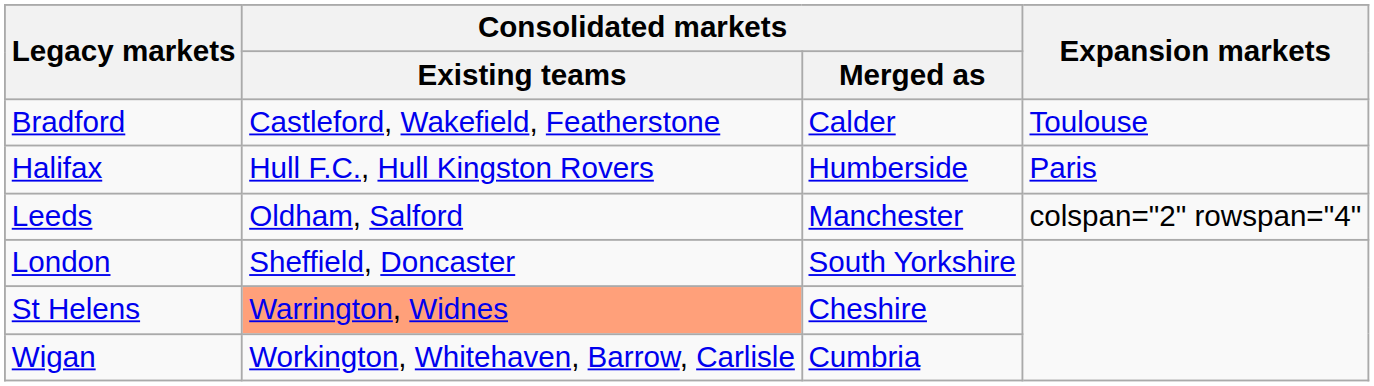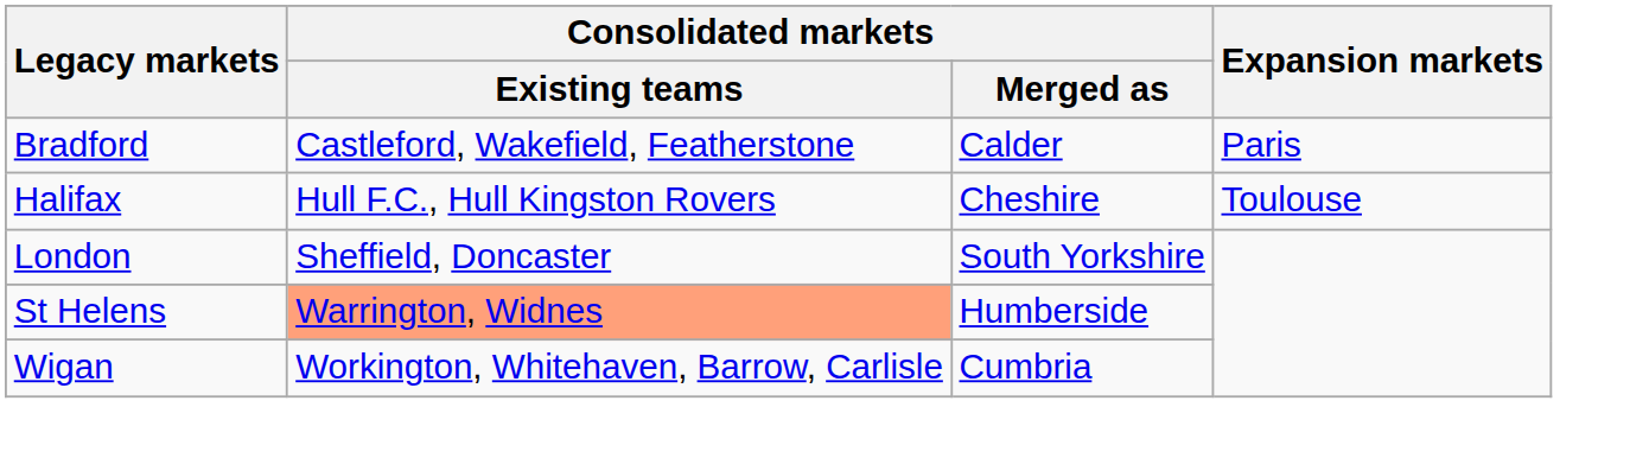 <table class="wikitable sortable collapsible">
 <tr>
 <th rowspan="2">Legacy markets</th>
 <th colspan="2">Consolidated markets</th>
 <th rowspan="2">Expansion markets</th>
 </tr>
 <tr>
 <th>Existing teams</th>
 <th>Merged as</th>
 </tr>
 <tr>
 <td><a href='#'>Bradford</a></td>
 <td><a href='#'>Castleford</a>, <a href='#'>Wakefield</a>, <a href='#'>Featherstone</a></td>
 <td><a href='#'>Calder</a></td>
-<td><a href='#'>Toulouse</a></td>
+<td><a href='#'>Paris</a></td>
 </tr>
 <tr>
 <td><a href='#'>Halifax</a></td>
 <td><a href='#'>Hull F.C.</a>, <a href='#'>Hull Kingston Rovers</a></td>
-<td><a href='#'>Humberside</a></td>
-<td><a href='#'>Paris</a></td>
-</tr>
-<tr>
-<td><a href='#'>Leeds</a></td>
-<td><a href='#'>Oldham</a>, <a href='#'>Salford</a></td>
-<td><a href='#'>Manchester</a></td>
-<td>colspan="2" rowspan="4" </td>
+<td><a href='#'>Cheshire</a></td>
+<td><a href='#'>Toulouse</a></td>
 </tr>
 <tr>
 <td><a href='#'>London</a></td>
 <td><a href='#'>Sheffield</a>, <a href='#'>Doncaster</a></td>
 <td><a href='#'>South Yorkshire</a></td>
 </tr>
 <tr>
 <td><a href='#'>St Helens</a></td>
 <td style="background: lightsalmon;"><a href='#'>Warrington</a>, <a href='#'>Widnes</a></td>
-<td><a href='#'>Cheshire</a></td>
+<td><a href='#'>Humberside</a></td>
 </tr>
 <tr>
 <td><a href='#'>Wigan</a></td>
 <td><a href='#'>Workington</a>, <a href='#'>Whitehaven</a>, <a href='#'>Barrow</a>, <a href='#'>Carlisle</a></td>
 <td><a href='#'>Cumbria</a></td>
 </tr>
 </table>
